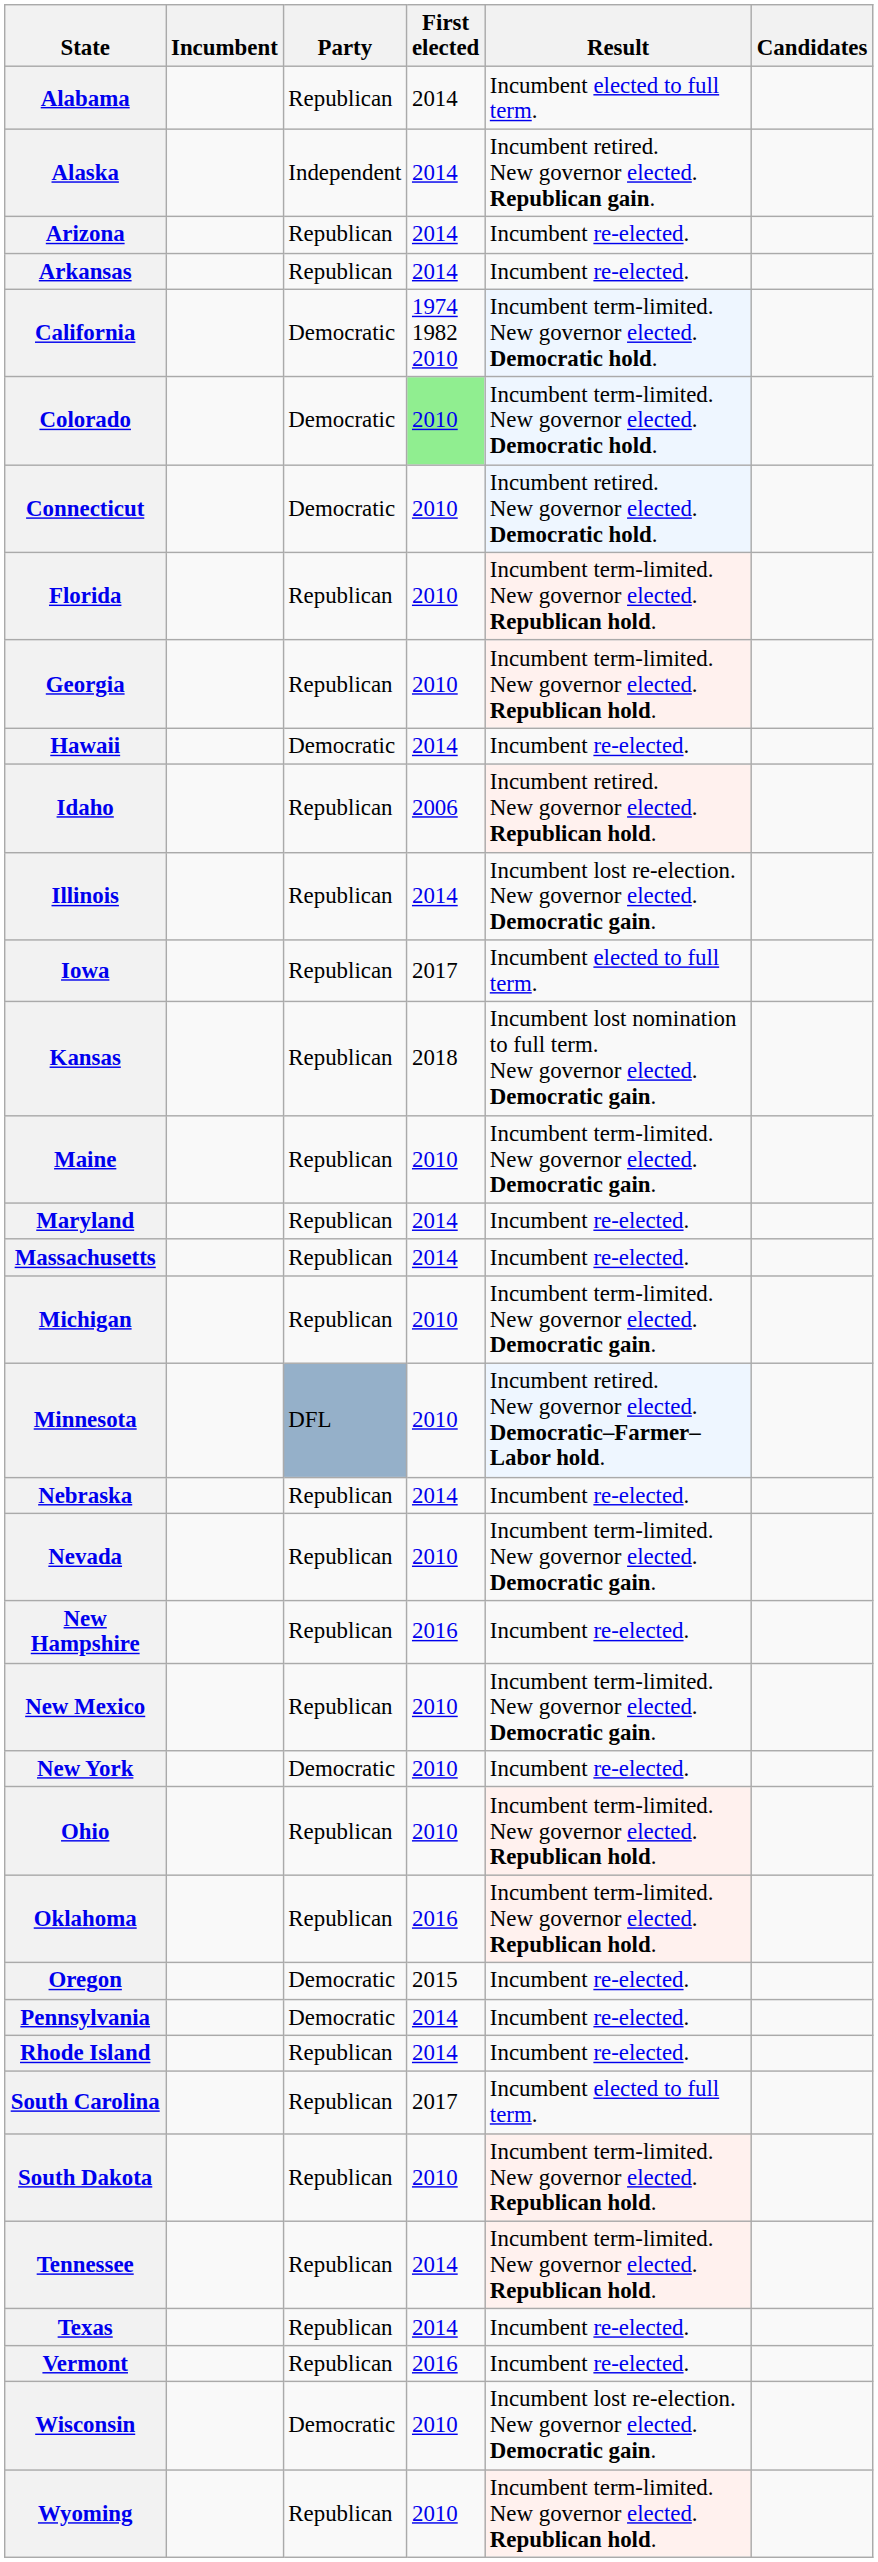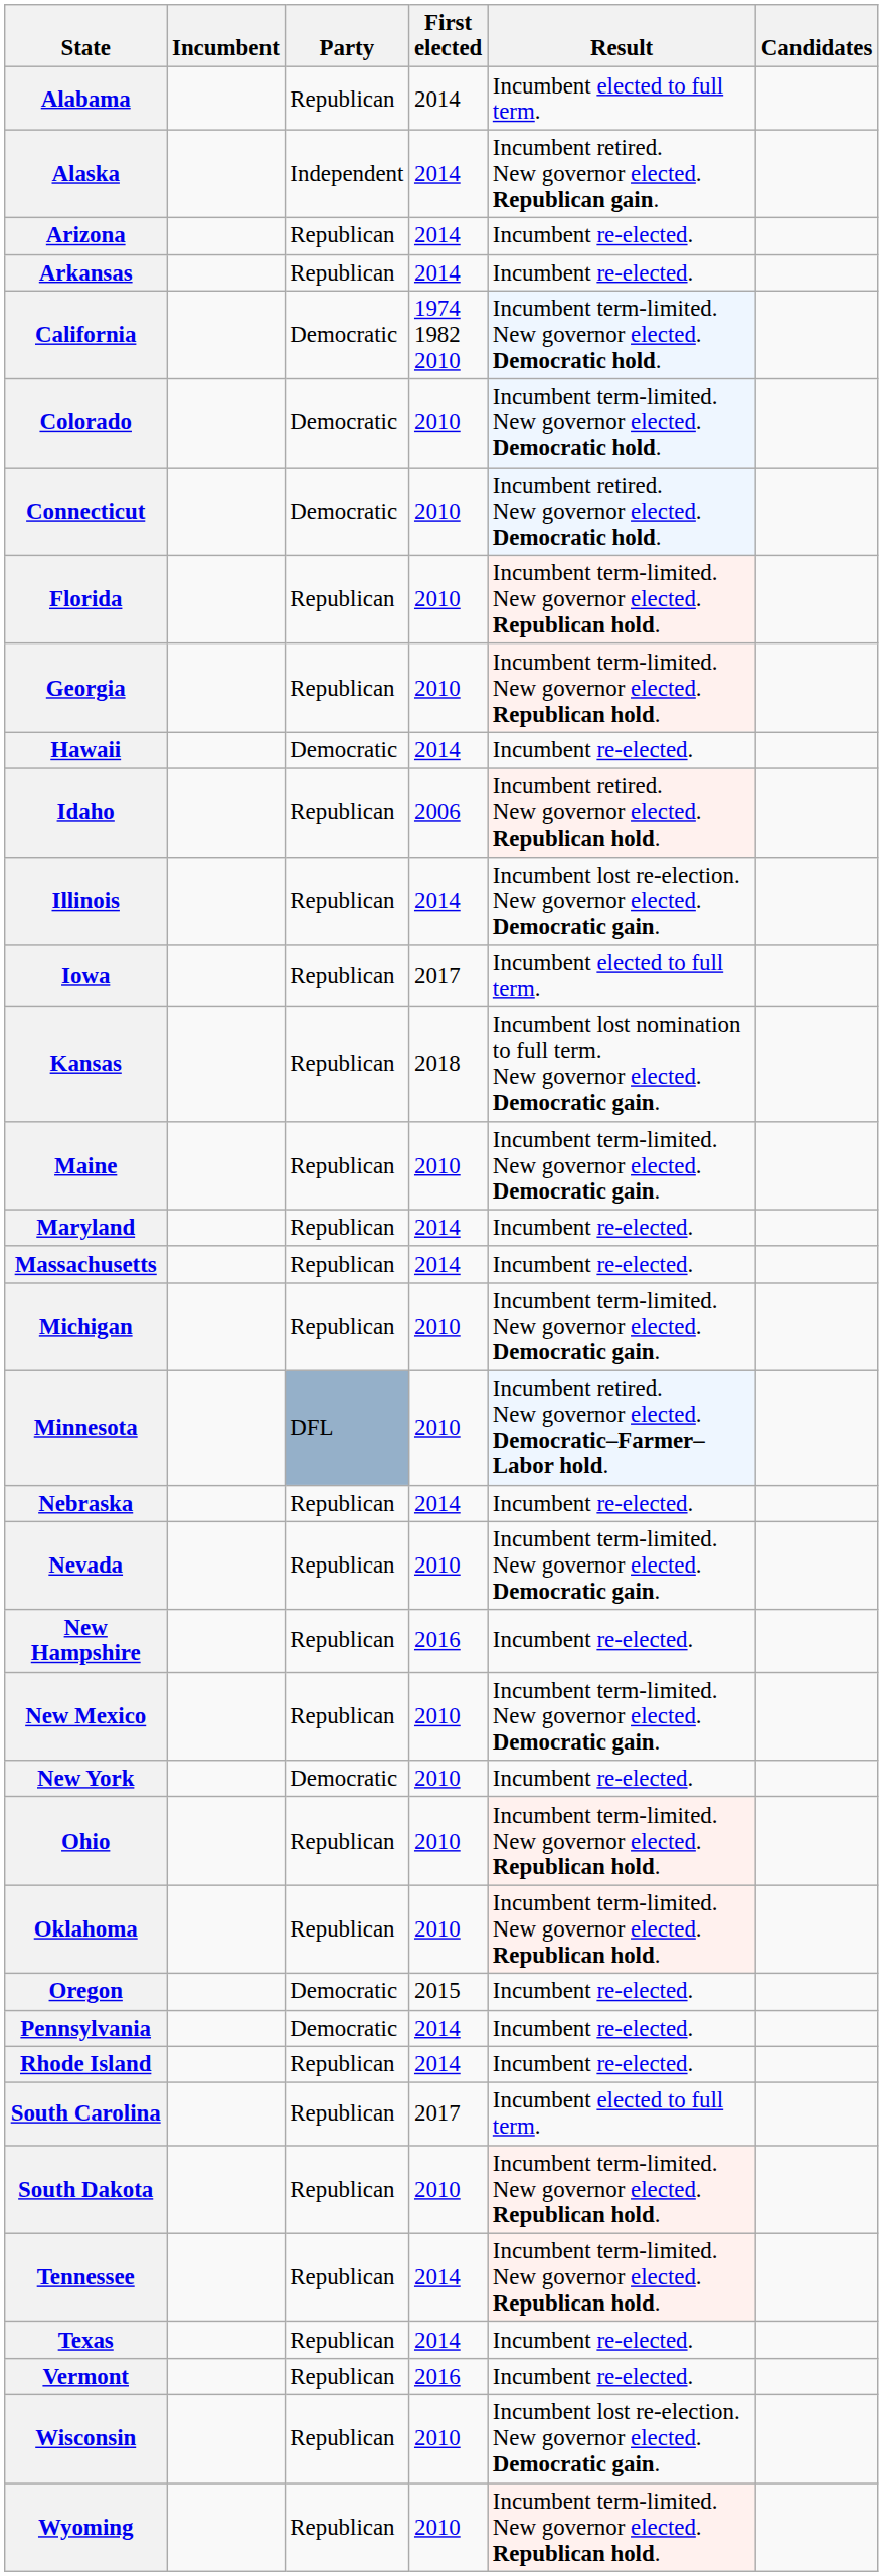 <table class="wikitable sortable">
 <tr valign=bottom>
 <th>State</th>
 <th>Incumbent</th>
 <th>Party</th>
 <th>First<br>elected</th>
 <th>Result</th>
 <th>Candidates</th>
 </tr>
 <tr>
 <th><a href='#'>Alabama</a></th>
 <td></td>
 <td>Republican</td>
 <td>2014</td>
 <td>Incumbent <a href='#'>elected to full term</a>.</td>
 <td nowrap></td>
 </tr>
 <tr>
 <th><a href='#'>Alaska</a></th>
 <td></td>
 <td>Independent</td>
 <td><a href='#'>2014</a></td>
 <td style="background-color:">Incumbent retired.<br>New governor <a href='#'>elected</a>.<br><strong>Republican gain</strong>.</td>
 <td nowrap></td>
 </tr>
 <tr>
 <th><a href='#'>Arizona</a></th>
 <td></td>
 <td>Republican</td>
 <td><a href='#'>2014</a></td>
 <td>Incumbent <a href='#'>re-elected</a>.</td>
 <td nowrap></td>
 </tr>
 <tr>
 <th><a href='#'>Arkansas</a></th>
 <td></td>
 <td>Republican</td>
 <td><a href='#'>2014</a></td>
 <td>Incumbent <a href='#'>re-elected</a>.</td>
 <td nowrap></td>
 </tr>
 <tr>
 <th><a href='#'>California</a></th>
 <td></td>
 <td>Democratic</td>
 <td><a href='#'>1974</a><br>1982 <br><a href='#'>2010</a></td>
 <td style="background:#EEF6FF">Incumbent term-limited.<br>New governor <a href='#'>elected</a>.<br><strong>Democratic hold</strong>.</td>
 <td nowrap></td>
 </tr>
 <tr>
 <th><a href='#'>Colorado</a></th>
 <td></td>
 <td>Democratic</td>
-<td style="background: lightgreen;"><a href='#'>2010</a></td>
+<td><a href='#'>2010</a></td>
 <td style="background:#EEF6FF">Incumbent term-limited.<br>New governor <a href='#'>elected</a>.<br><strong>Democratic hold</strong>.</td>
 <td nowrap></td>
 </tr>
 <tr>
 <th><a href='#'>Connecticut</a></th>
 <td></td>
 <td>Democratic</td>
 <td><a href='#'>2010</a></td>
 <td style="background:#EEF6FF">Incumbent retired.<br>New governor <a href='#'>elected</a>.<br><strong>Democratic hold</strong>.</td>
 <td nowrap></td>
 </tr>
 <tr>
 <th><a href='#'>Florida</a></th>
 <td></td>
 <td>Republican</td>
 <td><a href='#'>2010</a></td>
 <td style="background:#FFF1EE">Incumbent term-limited.<br>New governor <a href='#'>elected</a>.<br><strong>Republican hold</strong>.</td>
 <td nowrap></td>
 </tr>
 <tr>
 <th><a href='#'>Georgia</a></th>
 <td></td>
 <td>Republican</td>
 <td><a href='#'>2010</a></td>
 <td style="background:#FFF1EE">Incumbent term-limited.<br>New governor <a href='#'>elected</a>.<br><strong>Republican hold</strong>.</td>
 <td nowrap></td>
 </tr>
 <tr>
 <th><a href='#'>Hawaii</a></th>
 <td></td>
 <td>Democratic</td>
 <td><a href='#'>2014</a></td>
 <td>Incumbent <a href='#'>re-elected</a>.</td>
 <td nowrap></td>
 </tr>
 <tr>
 <th><a href='#'>Idaho</a></th>
 <td></td>
 <td>Republican</td>
 <td><a href='#'>2006</a></td>
 <td style="background:#FFF1EE">Incumbent retired.<br>New governor <a href='#'>elected</a>.<br><strong>Republican hold</strong>.</td>
 <td nowrap></td>
 </tr>
 <tr>
 <th><a href='#'>Illinois</a></th>
 <td></td>
 <td>Republican</td>
 <td><a href='#'>2014</a></td>
 <td style="color:black;background-color:">Incumbent lost re-election.<br>New governor <a href='#'>elected</a>.<br><strong>Democratic gain</strong>.</td>
 <td nowrap></td>
 </tr>
 <tr>
 <th><a href='#'>Iowa</a></th>
 <td></td>
 <td>Republican</td>
 <td>2017</td>
 <td>Incumbent <a href='#'>elected to full term</a>.</td>
 <td nowrap></td>
 </tr>
 <tr>
 <th><a href='#'>Kansas</a></th>
 <td></td>
 <td>Republican</td>
 <td>2018</td>
 <td style="color:black;background-color:">Incumbent lost nomination to full term.<br>New governor <a href='#'>elected</a>.<br><strong>Democratic gain</strong>.</td>
 <td nowrap></td>
 </tr>
 <tr>
 <th><a href='#'>Maine</a></th>
 <td></td>
 <td>Republican</td>
 <td><a href='#'>2010</a></td>
 <td style="color:black;background-color:">Incumbent term-limited.<br>New governor <a href='#'>elected</a>.<br><strong>Democratic gain</strong>.</td>
 <td nowrap></td>
 </tr>
 <tr>
 <th><a href='#'>Maryland</a></th>
 <td></td>
 <td>Republican</td>
 <td><a href='#'>2014</a></td>
 <td>Incumbent <a href='#'>re-elected</a>.</td>
 <td nowrap></td>
 </tr>
 <tr>
 <th><a href='#'>Massachusetts</a></th>
 <td></td>
 <td>Republican</td>
 <td><a href='#'>2014</a></td>
 <td>Incumbent <a href='#'>re-elected</a>.</td>
 <td nowrap></td>
 </tr>
 <tr>
 <th><a href='#'>Michigan</a></th>
 <td></td>
 <td>Republican</td>
 <td><a href='#'>2010</a></td>
 <td style="color:black;background-color:">Incumbent term-limited.<br>New governor <a href='#'>elected</a>.<br><strong>Democratic gain</strong>.</td>
 <td nowrap></td>
 </tr>
 <tr>
 <th><a href='#'>Minnesota</a></th>
 <td></td>
 <td style="background:#95b0c9">DFL</td>
 <td><a href='#'>2010</a></td>
 <td style="background:#EEF6FF">Incumbent retired.<br>New governor <a href='#'>elected</a>.<br><strong>Democratic–Farmer–Labor hold</strong>.</td>
 <td nowrap></td>
 </tr>
 <tr>
 <th><a href='#'>Nebraska</a></th>
 <td></td>
 <td>Republican</td>
 <td><a href='#'>2014</a></td>
 <td>Incumbent <a href='#'>re-elected</a>.</td>
 <td nowrap></td>
 </tr>
 <tr>
 <th><a href='#'>Nevada</a></th>
 <td></td>
 <td>Republican</td>
 <td><a href='#'>2010</a></td>
 <td style="color:black;background-color:">Incumbent term-limited.<br>New governor <a href='#'>elected</a>.<br><strong>Democratic gain</strong>.</td>
 <td nowrap></td>
 </tr>
 <tr>
 <th><a href='#'>New Hampshire</a></th>
 <td></td>
 <td>Republican</td>
 <td><a href='#'>2016</a></td>
 <td>Incumbent <a href='#'>re-elected</a>.</td>
 <td nowrap></td>
 </tr>
 <tr>
 <th><a href='#'>New Mexico</a></th>
 <td></td>
 <td>Republican</td>
 <td><a href='#'>2010</a></td>
 <td style="color:black;background-color:">Incumbent term-limited.<br>New governor <a href='#'>elected</a>.<br><strong>Democratic gain</strong>.</td>
 <td nowrap></td>
 </tr>
 <tr>
 <th><a href='#'>New York</a></th>
 <td></td>
 <td>Democratic</td>
 <td><a href='#'>2010</a></td>
 <td>Incumbent <a href='#'>re-elected</a>.</td>
 <td nowrap></td>
 </tr>
 <tr>
 <th><a href='#'>Ohio</a></th>
 <td></td>
 <td>Republican</td>
 <td><a href='#'>2010</a></td>
 <td style="background:#FFF1EE">Incumbent term-limited.<br>New governor <a href='#'>elected</a>.<br><strong>Republican hold</strong>.</td>
 <td nowrap></td>
 </tr>
 <tr>
 <th><a href='#'>Oklahoma</a></th>
 <td></td>
 <td>Republican</td>
-<td><a href='#'>2016</a></td>
+<td><a href='#'>2010</a></td>
 <td style="background:#FFF1EE">Incumbent term-limited.<br>New governor <a href='#'>elected</a>.<br><strong>Republican hold</strong>.</td>
 <td nowrap></td>
 </tr>
 <tr>
 <th><a href='#'>Oregon</a></th>
 <td></td>
 <td>Democratic</td>
 <td>2015</td>
 <td>Incumbent <a href='#'>re-elected</a>.</td>
 <td nowrap></td>
 </tr>
 <tr>
 <th><a href='#'>Pennsylvania</a></th>
 <td></td>
 <td>Democratic</td>
 <td><a href='#'>2014</a></td>
 <td>Incumbent <a href='#'>re-elected</a>.</td>
 <td nowrap></td>
 </tr>
 <tr>
 <th><a href='#'>Rhode Island</a></th>
 <td></td>
 <td>Republican</td>
 <td><a href='#'>2014</a></td>
 <td>Incumbent <a href='#'>re-elected</a>.</td>
 <td nowrap></td>
 </tr>
 <tr>
 <th><a href='#'>South Carolina</a></th>
 <td></td>
 <td>Republican</td>
 <td>2017</td>
 <td>Incumbent <a href='#'>elected to full term</a>.</td>
 <td nowrap></td>
 </tr>
 <tr>
 <th><a href='#'>South Dakota</a></th>
 <td></td>
 <td>Republican</td>
 <td><a href='#'>2010</a></td>
 <td style="background:#FFF1EE">Incumbent term-limited.<br>New governor <a href='#'>elected</a>.<br><strong>Republican hold</strong>.</td>
 <td nowrap></td>
 </tr>
 <tr>
 <th><a href='#'>Tennessee</a></th>
 <td></td>
 <td>Republican</td>
 <td><a href='#'>2014</a></td>
 <td style="background:#FFF1EE">Incumbent term-limited.<br>New governor <a href='#'>elected</a>.<br><strong>Republican hold</strong>.</td>
 <td nowrap></td>
 </tr>
 <tr>
 <th><a href='#'>Texas</a></th>
 <td></td>
 <td>Republican</td>
 <td><a href='#'>2014</a></td>
 <td>Incumbent <a href='#'>re-elected</a>.</td>
 <td nowrap></td>
 </tr>
 <tr>
 <th><a href='#'>Vermont</a></th>
 <td></td>
 <td>Republican</td>
 <td><a href='#'>2016</a></td>
 <td>Incumbent <a href='#'>re-elected</a>.</td>
 <td nowrap></td>
 </tr>
 <tr>
 <th><a href='#'>Wisconsin</a></th>
 <td></td>
-<td>Democratic</td>
+<td>Republican</td>
 <td><a href='#'>2010</a></td>
 <td style="color:black;background-color:">Incumbent lost re-election.<br>New governor <a href='#'>elected</a>.<br><strong>Democratic gain</strong>.</td>
 <td nowrap></td>
 </tr>
 <tr>
 <th><a href='#'>Wyoming</a></th>
 <td></td>
 <td>Republican</td>
 <td><a href='#'>2010</a></td>
 <td style="background:#FFF1EE">Incumbent term-limited.<br>New governor <a href='#'>elected</a>.<br><strong>Republican hold</strong>.</td>
 <td nowrap></td>
 </tr>
 </table>
